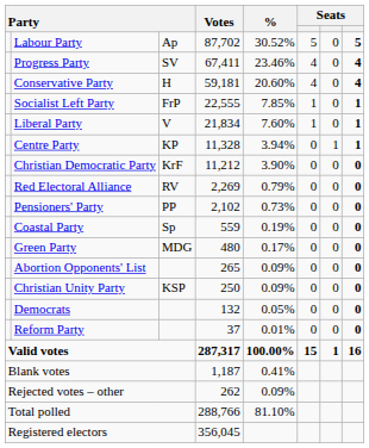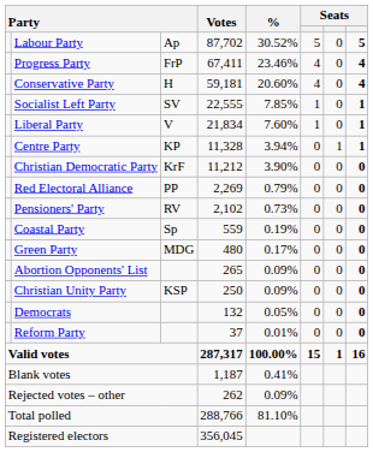 <table class="wikitable" border="1" style="text-align:right;">
 <tr>
 <th style="text-align:left;" valign=bottom rowspan=2 colspan=3>Party</th>
 <th align=center valign=bottom rowspan=2 width="50">Votes</th>
 <th align=center valign=bottom rowspan=2 width="50">%</th>
 <th colspan=3>Seats</th>
 </tr>
 <tr>
 <th align=center valign=bottom width="20"><small></small></th>
 <th align=center valign=bottom width="20"><small><a href='#'></a></small></th>
 <th align=center valign=bottom width="20"><small></small></th>
 </tr>
 <tr>
 <td style="color:inherit;background:"></td>
 <td align=left><a href='#'>Labour Party</a></td>
 <td align=left>Ap</td>
 <td>87,702</td>
 <td>30.52%</td>
 <td>5</td>
 <td>0</td>
 <td><strong>5</strong></td>
 </tr>
 <tr>
 <td style="color:inherit;background:"></td>
 <td align=left><a href='#'>Progress Party</a></td>
-<td align=left>SV</td>
+<td align=left>FrP</td>
 <td>67,411</td>
 <td>23.46%</td>
 <td>4</td>
 <td>0</td>
 <td><strong>4</strong></td>
 </tr>
 <tr>
 <td style="color:inherit;background:"></td>
 <td align=left><a href='#'>Conservative Party</a></td>
 <td align=left>H</td>
 <td>59,181</td>
 <td>20.60%</td>
 <td>4</td>
 <td>0</td>
 <td><strong>4</strong></td>
 </tr>
 <tr>
 <td style="color:inherit;background:"></td>
 <td align=left><a href='#'>Socialist Left Party</a></td>
-<td align=left>FrP</td>
+<td align=left>SV</td>
 <td>22,555</td>
 <td>7.85%</td>
 <td>1</td>
 <td>0</td>
 <td><strong>1</strong></td>
 </tr>
 <tr>
 <td style="color:inherit;background:"></td>
 <td align=left><a href='#'>Liberal Party</a></td>
 <td align=left>V</td>
 <td>21,834</td>
 <td>7.60%</td>
 <td>1</td>
 <td>0</td>
 <td><strong>1</strong></td>
 </tr>
 <tr>
 <td style="color:inherit;background:"></td>
 <td align=left><a href='#'>Centre Party</a></td>
 <td align=left>KP</td>
 <td>11,328</td>
 <td>3.94%</td>
 <td>0</td>
 <td>1</td>
 <td><strong>1</strong></td>
 </tr>
 <tr>
 <td style="color:inherit;background:"></td>
 <td align=left><a href='#'>Christian Democratic Party</a></td>
 <td align=left>KrF</td>
 <td>11,212</td>
 <td>3.90%</td>
 <td>0</td>
 <td>0</td>
 <td><strong>0</strong></td>
 </tr>
 <tr>
 <td style="color:inherit;background:"></td>
 <td align=left><a href='#'>Red Electoral Alliance</a></td>
-<td align=left>RV</td>
+<td align=left>PP</td>
 <td>2,269</td>
 <td>0.79%</td>
 <td>0</td>
 <td>0</td>
 <td><strong>0</strong></td>
 </tr>
 <tr>
 <td style="color:inherit;background:"></td>
 <td align=left><a href='#'>Pensioners' Party</a></td>
-<td align=left>PP</td>
+<td align=left>RV</td>
 <td>2,102</td>
 <td>0.73%</td>
 <td>0</td>
 <td>0</td>
 <td><strong>0</strong></td>
 </tr>
 <tr>
 <td style="color:inherit;background:"></td>
 <td align=left><a href='#'>Coastal Party</a></td>
 <td align=left>Sp</td>
 <td>559</td>
 <td>0.19%</td>
 <td>0</td>
 <td>0</td>
 <td><strong>0</strong></td>
 </tr>
 <tr>
 <td style="color:inherit;background:"></td>
 <td align=left><a href='#'>Green Party</a></td>
 <td align=left>MDG</td>
 <td>480</td>
 <td>0.17%</td>
 <td>0</td>
 <td>0</td>
 <td><strong>0</strong></td>
 </tr>
 <tr>
 <td></td>
 <td align=left><a href='#'>Abortion Opponents' List</a></td>
 <td align=left></td>
 <td>265</td>
 <td>0.09%</td>
 <td>0</td>
 <td>0</td>
 <td><strong>0</strong></td>
 </tr>
 <tr>
 <td style="color:inherit;background:"></td>
 <td align=left><a href='#'>Christian Unity Party</a></td>
 <td align=left>KSP</td>
 <td>250</td>
 <td>0.09%</td>
 <td>0</td>
 <td>0</td>
 <td><strong>0</strong></td>
 </tr>
 <tr>
 <td style="color:inherit;background:"></td>
 <td align=left><a href='#'>Democrats</a></td>
 <td align=left></td>
 <td>132</td>
 <td>0.05%</td>
 <td>0</td>
 <td>0</td>
 <td><strong>0</strong></td>
 </tr>
 <tr>
 <td></td>
 <td align=left><a href='#'>Reform Party</a></td>
 <td align=left></td>
 <td>37</td>
 <td>0.01%</td>
 <td>0</td>
 <td>0</td>
 <td><strong>0</strong></td>
 </tr>
 <tr style="font-weight:bold">
 <td align=left colspan=3>Valid votes</td>
 <td>287,317</td>
 <td>100.00%</td>
 <td>15</td>
 <td>1</td>
 <td>16</td>
 </tr>
 <tr>
 <td align=left colspan=3>Blank votes</td>
 <td>1,187</td>
 <td>0.41%</td>
 <td></td>
 <td></td>
 <td></td>
 </tr>
 <tr>
 <td align=left colspan=3>Rejected votes – other</td>
 <td>262</td>
 <td>0.09%</td>
 <td></td>
 <td></td>
 <td></td>
 </tr>
 <tr>
 <td align=left colspan=3>Total polled</td>
 <td>288,766</td>
 <td>81.10%</td>
 <td></td>
 <td></td>
 <td></td>
 </tr>
 <tr>
 <td align=left colspan=3>Registered electors</td>
 <td>356,045</td>
 <td></td>
 <td></td>
 <td></td>
 <td></td>
 </tr>
 </table>
